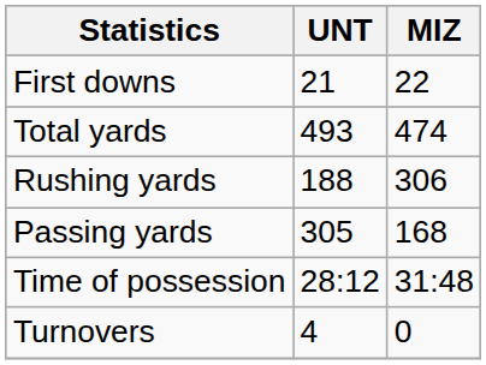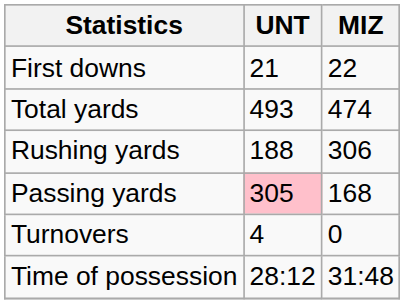 <table class="wikitable">
 <tr>
 <th>Statistics</th>
 <th>UNT</th>
 <th>MIZ</th>
 </tr>
 <tr>
 <td>First downs</td>
 <td>21</td>
 <td>22</td>
 </tr>
 <tr>
 <td>Total yards</td>
 <td>493</td>
 <td>474</td>
 </tr>
 <tr>
 <td>Rushing yards</td>
 <td>188</td>
 <td>306</td>
 </tr>
 <tr>
 <td>Passing yards</td>
-<td>305</td>
+<td style="background: pink;">305</td>
 <td>168</td>
+</tr>
+<tr>
+<td>Turnovers</td>
+<td>4</td>
+<td>0</td>
 </tr>
 <tr>
 <td>Time of possession</td>
 <td>28:12</td>
 <td>31:48</td>
 </tr>
 <tr>
-<td>Turnovers</td>
-<td>4</td>
-<td>0</td>
-</tr>
-<tr>
 </tr>
 </table>
